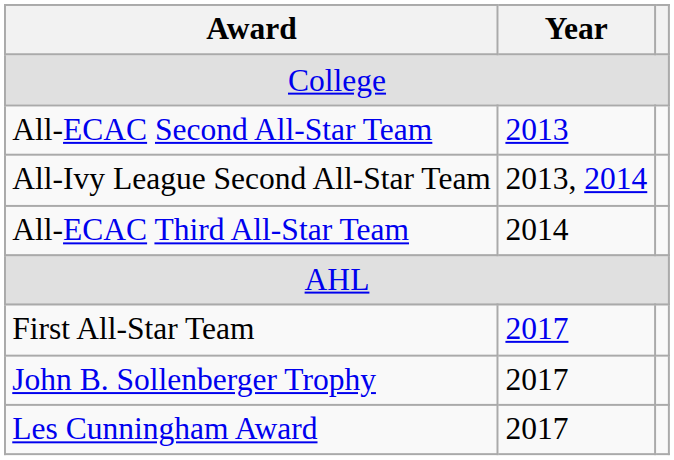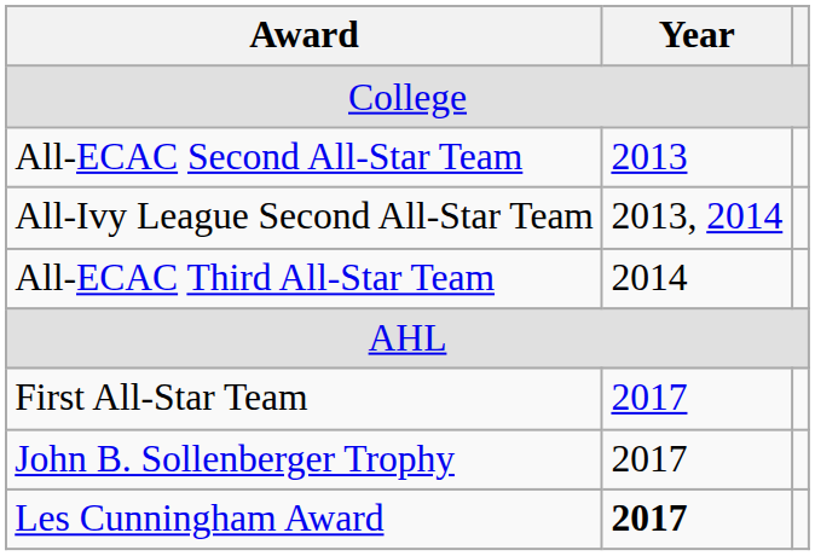 <table class="wikitable">
 <tr>
 <th>Award</th>
 <th>Year</th>
 <th></th>
 </tr>
 <tr ALIGN="center" bgcolor="#e0e0e0">
 <td colspan="3"><a href='#'>College</a></td>
 </tr>
 <tr>
 <td>All-<a href='#'>ECAC</a> <a href='#'>Second All-Star Team</a></td>
 <td><a href='#'>2013</a></td>
 <td></td>
 </tr>
 <tr>
 <td>All-Ivy League Second All-Star Team</td>
 <td>2013, <a href='#'>2014</a></td>
 <td></td>
 </tr>
 <tr>
 <td>All-<a href='#'>ECAC</a> <a href='#'>Third All-Star Team</a></td>
 <td>2014</td>
 <td></td>
 </tr>
 <tr ALIGN="center" bgcolor="#e0e0e0">
 <td colspan="3"><a href='#'>AHL</a></td>
 </tr>
 <tr>
 <td>First All-Star Team</td>
 <td><a href='#'>2017</a></td>
 <td></td>
 </tr>
 <tr>
 <td><a href='#'>John B. Sollenberger Trophy</a></td>
 <td>2017</td>
 <td></td>
 </tr>
 <tr>
 <td><a href='#'>Les Cunningham Award</a></td>
-<td>2017</td>
+<td><strong>2017</strong></td>
 <td></td>
 </tr>
 </table>
